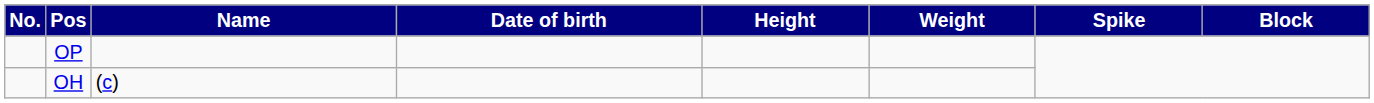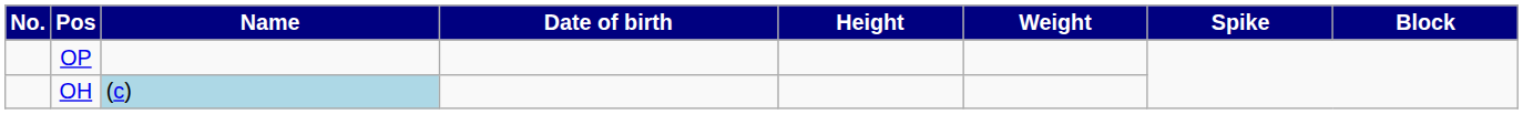 <table class="wikitable sortable" style="font-size:90%; text-align:center;">
 <tr>
 <th style="background:navy; color:white;">No.</th>
 <th style="background:navy; color:white;">Pos</th>
 <th style="width:15em; background:navy; color:white;">Name</th>
 <th style="width:15em; background:navy; color:white;">Date of birth</th>
 <th style="width:8em; background:navy; color:white;">Height</th>
 <th style="width:8em; background:navy; color:white;">Weight</th>
 <th style="width:8em; background:navy; color:white;">Spike</th>
 <th style="width:8em; background:navy; color:white;">Block</th>
 </tr>
 <tr>
 <td></td>
 <td><a href='#'>OP</a></td>
 <td align=left></td>
 <td align=right></td>
 <td></td>
 <td></td>
 </tr>
 <tr>
 <td></td>
 <td><a href='#'>OH</a></td>
-<td align=left> (<a href='#'>c</a>)</td>
+<td align=left style="background: lightblue;"> (<a href='#'>c</a>)</td>
 <td align=right></td>
 <td></td>
 <td></td>
 </tr>
 </table>
